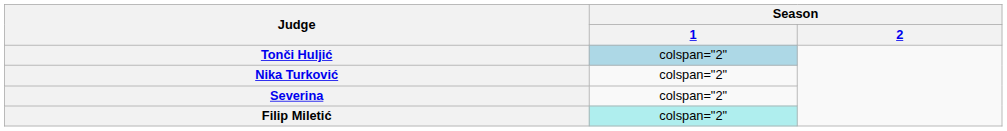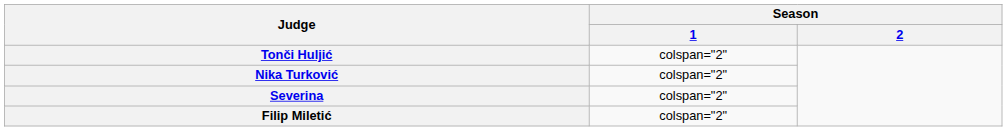 <table class="wikitable plainrowheaders" style="text-align:center">
 <tr>
 <th rowspan="2" style="width:20%;" scope="col">Judge</th>
 <th colspan="2">Season</th>
 </tr>
 <tr>
 <th style="width:7%;" scope="colspan"><a href='#'>1</a></th>
 <th style="width:7%;" scope="colspan"><a href='#'>2</a></th>
 </tr>
 <tr>
 <th scope="row" style="text-align: center;"><a href='#'>Tonči Huljić</a></th>
-<td style="background: lightblue;">colspan="2" </td>
+<td>colspan="2" </td>
 </tr>
 <tr>
 <th scope="row" style="text-align: center;"><a href='#'>Nika Turković</a></th>
 <td>colspan="2" </td>
 </tr>
 <tr>
 <th scope="row" style="text-align: center;"><a href='#'>Severina</a></th>
 <td>colspan="2" </td>
 </tr>
 <tr>
 <th scope="row" style="text-align: center;">Filip Miletić</th>
-<td style="background: paleturquoise;">colspan="2" </td>
+<td>colspan="2" </td>
 </tr>
 </table>
